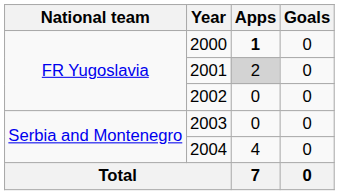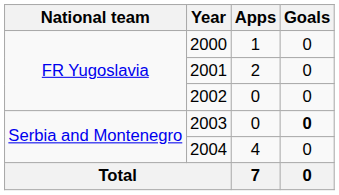 <table class="wikitable" style="text-align:center">
 <tr>
 <th>National team</th>
 <th>Year</th>
 <th>Apps</th>
 <th>Goals</th>
 </tr>
 <tr>
 <td rowspan="3"><a href='#'>FR Yugoslavia</a></td>
 <td>2000</td>
-<td><strong>1</strong></td>
+<td>1</td>
 <td>0</td>
 </tr>
 <tr>
 <td>2001</td>
-<td style="background: lightgrey;">2</td>
+<td>2</td>
 <td>0</td>
 </tr>
 <tr>
 <td>2002</td>
 <td>0</td>
 <td>0</td>
 </tr>
 <tr>
 <td rowspan="2"><a href='#'>Serbia and Montenegro</a></td>
 <td>2003</td>
 <td>0</td>
-<td>0</td>
+<td><strong>0</strong></td>
 </tr>
 <tr>
 <td>2004</td>
 <td>4</td>
 <td>0</td>
 </tr>
 <tr>
 <th colspan="2">Total</th>
 <th>7</th>
 <th>0</th>
 </tr>
 </table>
